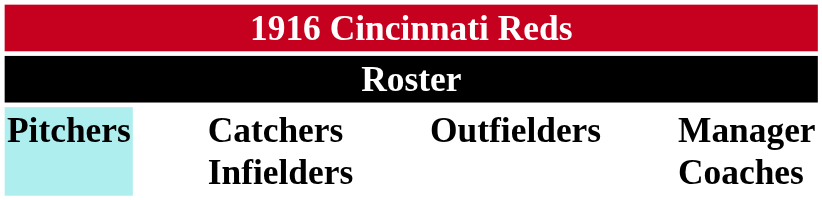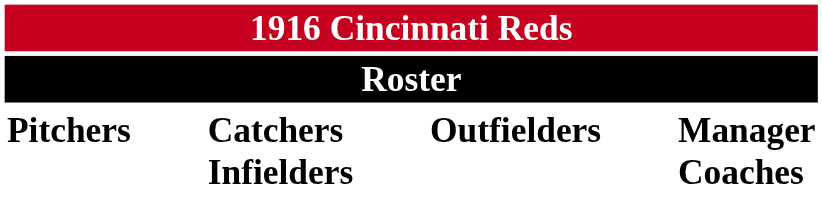 <table class="toccolours" style="font-size: 95%;">
 <tr>
 <th colspan="10" style="background-color: #c6011f; color: white; text-align: center;">1916 Cincinnati Reds</th>
 </tr>
 <tr>
 <td colspan="10" style="background-color: black; color: white; text-align: center;"><strong>Roster</strong></td>
 </tr>
 <tr>
-<td valign="top" style="background: paleturquoise;"><strong>Pitchers</strong><br>          </td>
+<td valign="top"><strong>Pitchers</strong><br>          </td>
 <td width="25px"></td>
 <td valign="top"><strong>Catchers</strong><br>   <strong>Infielders</strong>           </td>
 <td width="25px"></td>
 <td valign="top"><strong>Outfielders</strong><br>       </td>
 <td width="25px"></td>
 <td valign="top"><strong>Manager</strong><br>   <strong>Coaches</strong> </td>
 </tr>
 </table>
